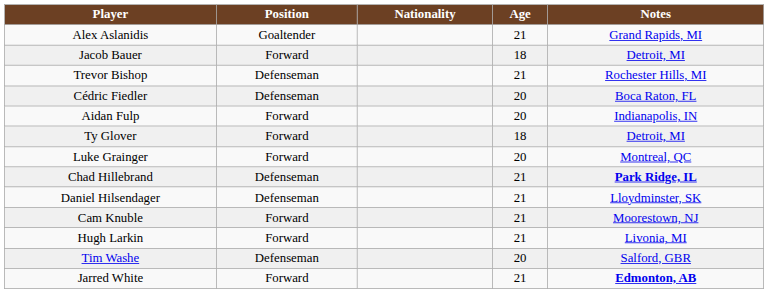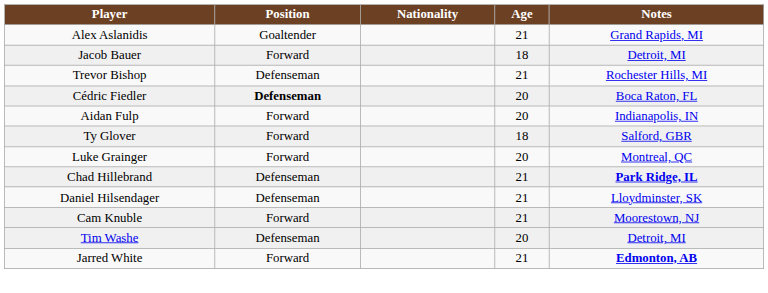 <table class="wikitable" width="60%">
 <tr>
 <th style="color:white; background:#6C4023; ">Player</th>
 <th style="color:white; background:#6C4023; ">Position</th>
 <th style="color:white; background:#6C4023; ">Nationality</th>
 <th style="color:white; background:#6C4023; ">Age</th>
 <th style="color:white; background:#6C4023; ">Notes</th>
 </tr>
 <tr align="center" bgcolor="">
 <td>Alex Aslanidis</td>
 <td>Goaltender</td>
 <td></td>
 <td>21</td>
 <td><a href='#'>Grand Rapids, MI</a></td>
 </tr>
 <tr align="center" bgcolor="f0f0f0">
 <td>Jacob Bauer</td>
 <td>Forward</td>
 <td></td>
 <td>18</td>
 <td><a href='#'>Detroit, MI</a></td>
 </tr>
 <tr align="center" bgcolor="">
 <td>Trevor Bishop</td>
 <td>Defenseman</td>
 <td></td>
 <td>21</td>
 <td><a href='#'>Rochester Hills, MI</a></td>
 </tr>
 <tr align="center" bgcolor="f0f0f0">
 <td>Cédric Fiedler</td>
-<td>Defenseman</td>
+<td><strong>Defenseman</strong></td>
 <td></td>
 <td>20</td>
 <td><a href='#'>Boca Raton, FL</a></td>
 </tr>
 <tr align="center" bgcolor="">
 <td>Aidan Fulp</td>
 <td>Forward</td>
 <td></td>
 <td>20</td>
 <td><a href='#'>Indianapolis, IN</a></td>
 </tr>
 <tr align="center" bgcolor="f0f0f0">
 <td>Ty Glover</td>
 <td>Forward</td>
 <td></td>
 <td>18</td>
-<td><a href='#'>Detroit, MI</a></td>
+<td><a href='#'>Salford, GBR</a></td>
 </tr>
 <tr align="center" bgcolor="">
 <td>Luke Grainger</td>
 <td>Forward</td>
 <td></td>
 <td>20</td>
 <td><a href='#'>Montreal, QC</a></td>
 </tr>
 <tr align="center" bgcolor="f0f0f0">
 <td>Chad Hillebrand</td>
 <td>Defenseman</td>
 <td></td>
 <td>21</td>
 <td><strong><a href='#'>Park Ridge, IL</a></strong></td>
 </tr>
 <tr align="center" bgcolor="">
 <td>Daniel Hilsendager</td>
 <td>Defenseman</td>
 <td></td>
 <td>21</td>
 <td><a href='#'>Lloydminster, SK</a></td>
 </tr>
 <tr align="center" bgcolor="f0f0f0">
 <td>Cam Knuble</td>
 <td>Forward</td>
 <td></td>
 <td>21</td>
 <td><a href='#'>Moorestown, NJ</a></td>
 </tr>
-<tr align="center" bgcolor="">
-<td>Hugh Larkin</td>
-<td>Forward</td>
-<td></td>
-<td>21</td>
-<td><a href='#'>Livonia, MI</a></td>
-</tr>
 <tr align="center" bgcolor="f0f0f0">
 <td><a href='#'>Tim Washe</a></td>
 <td>Defenseman</td>
 <td></td>
 <td>20</td>
-<td><a href='#'>Salford, GBR</a></td>
+<td><a href='#'>Detroit, MI</a></td>
 </tr>
 <tr align="center" bgcolor="">
 <td>Jarred White</td>
 <td>Forward</td>
 <td></td>
 <td>21</td>
 <td><strong><a href='#'>Edmonton, AB</a></strong></td>
 </tr>
 </table>
